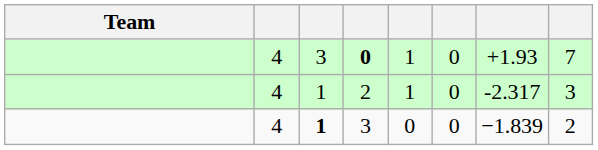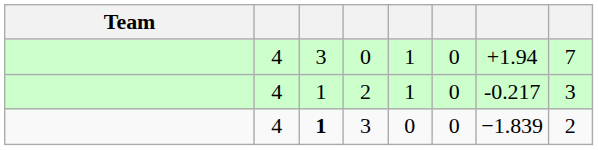 <table class="wikitable" style="text-align:center">
 <tr>
 <th style="width:175px;">Team</th>
 <th style="width:25px;"></th>
 <th style="width:25px;"></th>
 <th style="width:25px;"></th>
 <th style="width:25px;"></th>
 <th style="width:25px;"></th>
 <th style="width:45px;"></th>
 <th style="width:25px;"></th>
 </tr>
 <tr style="background:#cfc;">
 <td align="left"></td>
 <td>4</td>
 <td>3</td>
-<td><strong>0</strong></td>
+<td>0</td>
 <td>1</td>
 <td>0</td>
-<td>+1.93</td>
+<td>+1.94</td>
 <td>7</td>
 </tr>
 <tr style="background:#cfc;">
 <td align="left"></td>
 <td>4</td>
 <td>1</td>
 <td>2</td>
 <td>1</td>
 <td>0</td>
-<td>-2.317</td>
+<td>-0.217</td>
 <td>3</td>
 </tr>
 <tr>
 <td align="left"></td>
 <td>4</td>
 <td><strong>1</strong></td>
 <td>3</td>
 <td>0</td>
 <td>0</td>
 <td>−1.839</td>
 <td>2</td>
 </tr>
 </table>
